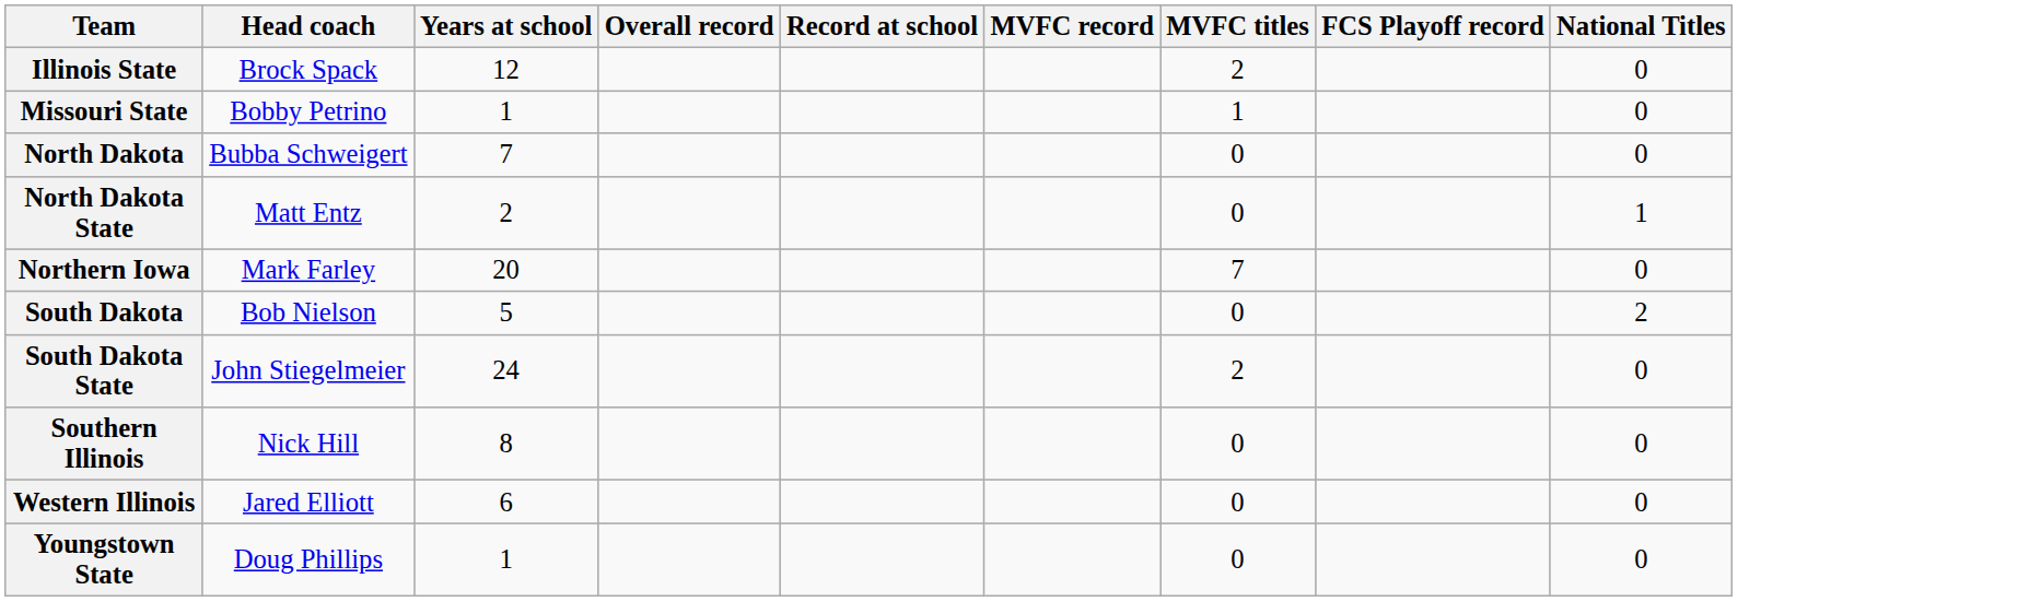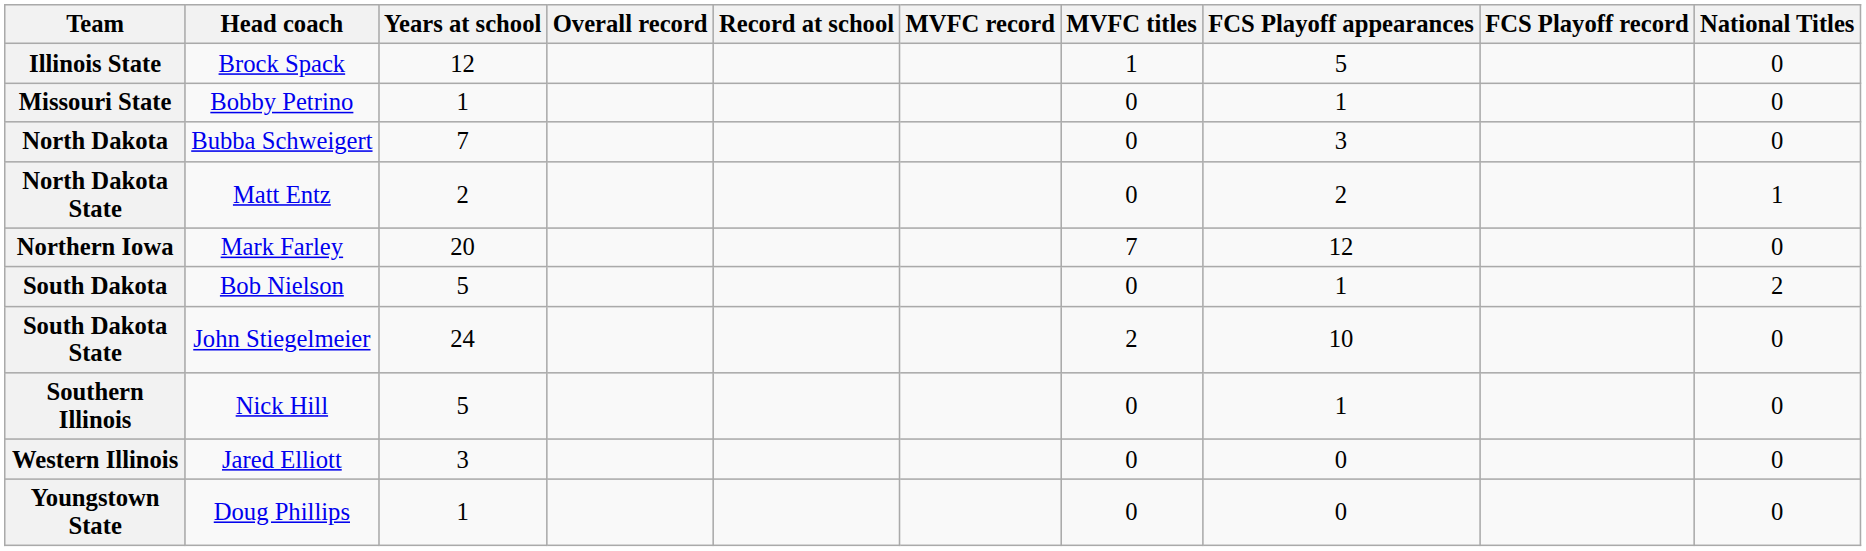 <table class="wikitable sortable" style="text-align: center;">
 <tr>
 <th width="110">Team</th>
 <th>Head coach</th>
 <th>Years at school</th>
 <th>Overall record</th>
 <th>Record at school</th>
 <th>MVFC record</th>
 <th>MVFC titles</th>
+<th>FCS Playoff appearances</th>
 <th>FCS Playoff record</th>
 <th>National Titles</th>
 </tr>
 <tr>
 <th>Illinois State</th>
 <td><a href='#'>Brock Spack</a></td>
 <td>12</td>
 <td data-sort-value=></td>
 <td data-sort-value=></td>
 <td data-sort-value=></td>
-<td>2</td>
+<td>1</td>
+<td>5</td>
 <td data-sort-value=></td>
 <td>0</td>
 </tr>
 <tr>
 <th>Missouri State</th>
 <td><a href='#'>Bobby Petrino</a></td>
 <td>1</td>
 <td data-sort-value=></td>
 <td data-sort-value=></td>
 <td data-sort-value=></td>
+<td>0</td>
 <td>1</td>
 <td data-sort-value=></td>
 <td>0</td>
 </tr>
 <tr>
 <th>North Dakota</th>
 <td><a href='#'>Bubba Schweigert</a></td>
 <td>7</td>
 <td data-sort-value=></td>
 <td data-sort-value=></td>
 <td data-sort-value=></td>
 <td>0</td>
+<td>3</td>
 <td data-sort-value=></td>
 <td>0</td>
 </tr>
 <tr>
 <th>North Dakota State</th>
 <td><a href='#'>Matt Entz</a></td>
 <td>2</td>
 <td data-sort-value=></td>
 <td data-sort-value=></td>
 <td data-sort-value=></td>
 <td>0</td>
+<td>2</td>
 <td data-sort-value=></td>
 <td>1</td>
 </tr>
 <tr>
 <th>Northern Iowa</th>
 <td><a href='#'>Mark Farley</a></td>
 <td>20</td>
 <td data-sort-value=></td>
 <td data-sort-value=></td>
 <td data-sort-value=></td>
 <td>7</td>
+<td>12</td>
 <td data-sort-value=></td>
 <td>0</td>
 </tr>
 <tr>
 <th>South Dakota</th>
 <td><a href='#'>Bob Nielson</a></td>
 <td>5</td>
 <td data-sort-value=></td>
 <td data-sort-value=></td>
 <td data-sort-value=></td>
 <td>0</td>
+<td>1</td>
 <td data-sort-value=></td>
 <td>2</td>
 </tr>
 <tr>
 <th>South Dakota State</th>
 <td><a href='#'>John Stiegelmeier</a></td>
 <td>24</td>
 <td data-sort-value=></td>
 <td data-sort-value=></td>
 <td data-sort-value=></td>
 <td>2</td>
+<td>10</td>
 <td data-sort-value=></td>
 <td>0</td>
 </tr>
 <tr>
 <th>Southern Illinois</th>
 <td><a href='#'>Nick Hill</a></td>
-<td>8</td>
+<td>5</td>
 <td data-sort-value=></td>
 <td data-sort-value=></td>
 <td data-sort-value=></td>
 <td>0</td>
+<td>1</td>
 <td data-sort-value=></td>
 <td>0</td>
 </tr>
 <tr>
 <th>Western Illinois</th>
 <td><a href='#'>Jared Elliott</a></td>
-<td>6</td>
+<td>3</td>
 <td data-sort-value=></td>
 <td data-sort-value=></td>
 <td data-sort-value=></td>
+<td>0</td>
 <td>0</td>
 <td data-sort-value=></td>
 <td>0</td>
 </tr>
 <tr>
 <th>Youngstown State</th>
 <td><a href='#'>Doug Phillips</a></td>
 <td>1</td>
 <td data-sort-value=></td>
 <td data-sort-value=></td>
 <td data-sort-value=></td>
 <td>0</td>
+<td>0</td>
 <td data-sort-value=></td>
 <td>0</td>
 </tr>
 </table>
